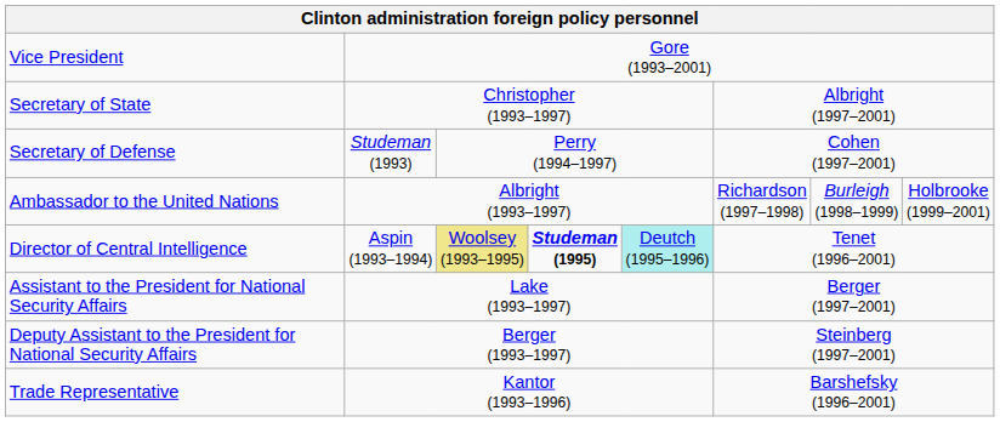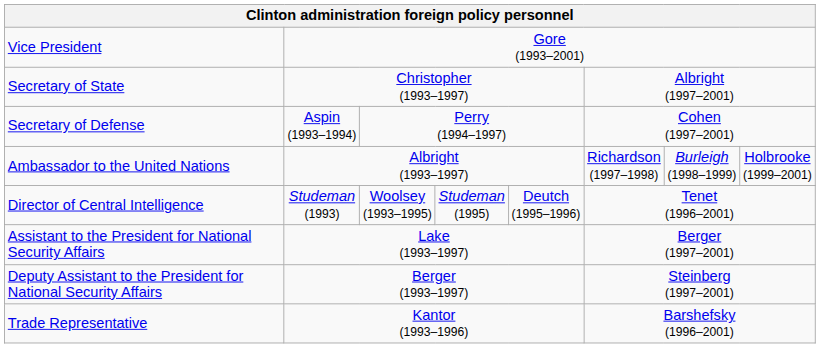 <table class=wikitable style="text-align:center">
 <tr>
 <th colspan="9">Clinton administration foreign policy personnel</th>
 </tr>
 <tr>
 <td style="width:225pt; text-align:left;"><a href='#'>Vice President</a></td>
 <td colspan="8"><a href='#'>Gore</a><br><small>(1993–2001)</small></td>
 </tr>
 <tr>
 <td style="width:225pt; text-align:left;"><a href='#'>Secretary of State</a></td>
 <td colspan="4"><a href='#'>Christopher</a><br><small>(1993–1997)</small></td>
 <td colspan="4"><a href='#'>Albright</a><br><small>(1997–2001)</small></td>
 </tr>
 <tr>
 <td style="width:225pt; text-align:left;"><a href='#'>Secretary of Defense</a></td>
-<td><em><a href='#'>Studeman</a></em><br><small>(1993)</small></td>
+<td><a href='#'>Aspin</a><br><small>(1993–1994)</small></td>
 <td colspan="3"><a href='#'>Perry</a><br><small>(1994–1997)</small></td>
 <td colspan="4"><a href='#'>Cohen</a><br><small>(1997–2001)</small></td>
 </tr>
 <tr>
 <td style="width:225pt; text-align:left;"><a href='#'>Ambassador to the United Nations</a></td>
 <td colspan="4"><a href='#'>Albright</a><br><small>(1993–1997)</small></td>
 <td><a href='#'>Richardson</a><br><small>(1997–1998)</small></td>
 <td><em><a href='#'>Burleigh</a></em><br><small>(1998–1999)</small></td>
 <td><a href='#'>Holbrooke</a><br><small>(1999–2001)</small></td>
 </tr>
 <tr>
 <td style="width:225pt; text-align:left;"><a href='#'>Director of Central Intelligence</a></td>
-<td><a href='#'>Aspin</a><br><small>(1993–1994)</small></td>
-<td style="background: khaki;"><a href='#'>Woolsey</a><br><small>(1993–1995)</small></td>
-<td><strong><em><a href='#'>Studeman</a></em><br><small>(1995)</small></strong></td>
-<td style="background: paleturquoise;"><a href='#'>Deutch</a><br><small>(1995–1996)</small></td>
+<td><em><a href='#'>Studeman</a></em><br><small>(1993)</small></td>
+<td><a href='#'>Woolsey</a><br><small>(1993–1995)</small></td>
+<td><em><a href='#'>Studeman</a></em><br><small>(1995)</small></td>
+<td><a href='#'>Deutch</a><br><small>(1995–1996)</small></td>
 <td colspan="5"><a href='#'>Tenet</a><br><small>(1996–2001)</small></td>
 </tr>
 <tr>
 <td style="width:225pt; text-align:left;"><a href='#'>Assistant to the President for National Security Affairs</a></td>
 <td colspan="4"><a href='#'>Lake</a><br><small>(1993–1997)</small></td>
 <td colspan="4"><a href='#'>Berger</a><br><small>(1997–2001)</small></td>
 </tr>
 <tr>
 <td style="width:225pt; text-align:left;"><a href='#'>Deputy Assistant to the President for National Security Affairs</a></td>
 <td colspan="4"><a href='#'>Berger</a><br><small>(1993–1997)</small></td>
 <td colspan="4"><a href='#'>Steinberg</a><br><small>(1997–2001)</small></td>
 </tr>
 <tr>
 <td style="width:225pt; text-align:left;"><a href='#'>Trade Representative</a></td>
 <td colspan="4"><a href='#'>Kantor</a><br><small>(1993–1996)</small></td>
 <td colspan="4"><a href='#'>Barshefsky</a><br><small>(1996–2001)</small></td>
 </tr>
 </table>
